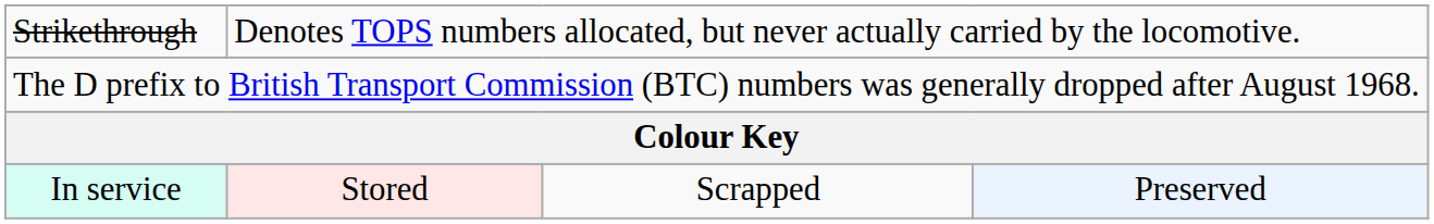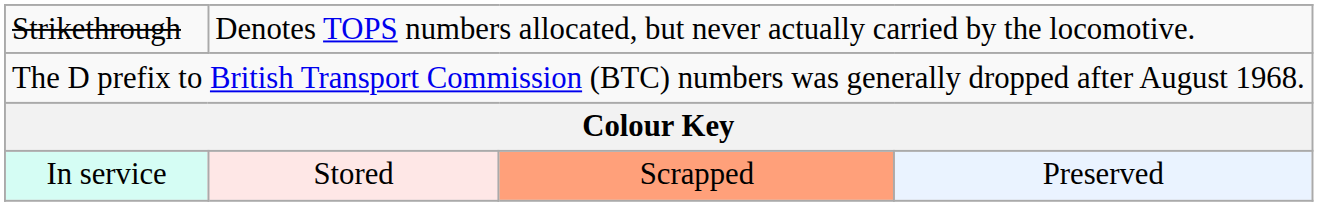 <table class="wikitable">
 <tr>
 <td><s>Strikethrough</s></td>
 <td colspan="3">Denotes <a href='#'>TOPS</a> numbers allocated, but never actually carried by the locomotive.</td>
 </tr>
 <tr>
 <td colspan="5" style="text-align: center;">The D prefix to <a href='#'>British Transport Commission</a> (BTC) numbers was generally dropped after August 1968.</td>
 </tr>
 <tr>
 <th colspan="4">Colour Key</th>
 </tr>
 <tr align=center>
 <td bgcolor=#d5fdf4>In service</td>
 <td bgcolor=#fee7e6>Stored</td>
-<td>Scrapped</td>
+<td style="background: lightsalmon;">Scrapped</td>
 <td bgcolor=#eaf3ff>Preserved</td>
 </tr>
 </table>
